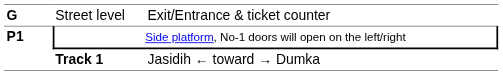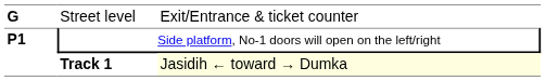 <table table border=0 cellspacing=0 cellpadding=3>
 <tr>
 <td style="border-top:solid 1px gray;" width=50 valign=top><strong>G</strong></td>
 <td style="border-top:solid 1px gray;" width=100 valign=top>Street level</td>
 <td style="border-top:solid 1px gray;" width=400 valign=top>Exit/Entrance & ticket counter</td>
 </tr>
 <tr>
 <td style="border-top:solid 1px gray;border-bottom:solid 1px gray;" width=50 rowspan=6 valign=top><strong>P1</strong></td>
 <td style="border-top:solid 1px gray;border-right:solid 2px black;border-left:solid 2px black;border-bottom:solid 2px black;text-align:center;" colspan=2><small><a href='#'>Side platform</a>, No-1 doors will open on the left/right</small></td>
 </tr>
 <tr>
 <td style="border-bottom:solid 1px gray;" width=100><strong>Track 1</strong></td>
-<td style="border-bottom:solid 1px gray;" width=400>Jasidih ← toward → Dumka</td>
+<td style="background: lightyellow; border-bottom:solid 1px gray;" width=400>Jasidih ← toward → Dumka</td>
 </tr>
 <tr>
 </tr>
 </table>
